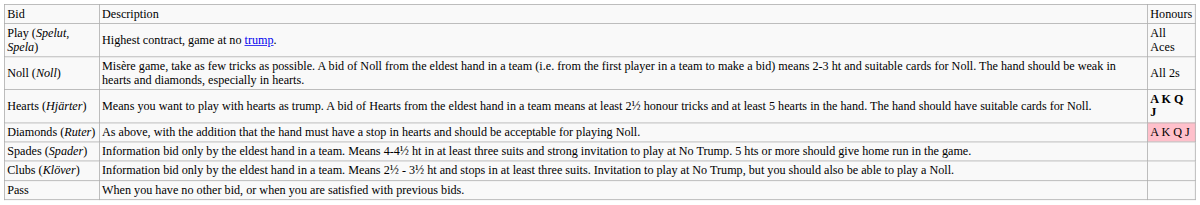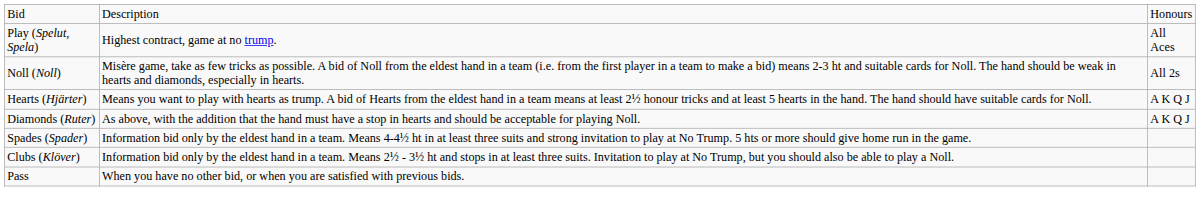 <table class="wikitable">
 <tr ---->
 <td>Bid</td>
 <td>Description</td>
 <td>Honours</td>
 </tr>
 <tr ---->
 <td>Play (<em>Spelut, Spela</em>)</td>
 <td>Highest contract, game at no <a href='#'>trump</a>.</td>
 <td>All Aces</td>
 </tr>
 <tr ---->
 <td>Noll (<em>Noll</em>)</td>
 <td>Misère game, take as few tricks as possible. A bid of Noll from the eldest hand in a team (i.e. from the first player in a team to make a bid) means 2-3 ht and suitable cards for Noll. The hand should be weak in hearts and diamonds, especially in hearts.</td>
 <td>All 2s</td>
 </tr>
 <tr ---->
 <td>Hearts (<em>Hjärter</em>)</td>
 <td>Means you want to play with hearts as trump. A bid of Hearts from the eldest hand in a team means at least 2½ honour tricks and at least 5 hearts in the hand. The hand should have suitable cards for Noll.</td>
-<td><strong>A K Q J</strong></td>
+<td>A K Q J</td>
 </tr>
 <tr ---->
 <td>Diamonds (<em>Ruter</em>)</td>
 <td>As above, with the addition that the hand must have a stop in hearts and should be acceptable for playing Noll.</td>
-<td style="background: pink;">A K Q J</td>
+<td>A K Q J</td>
 </tr>
 <tr ---->
 <td>Spades (<em>Spader</em>)</td>
 <td>Information bid only by the eldest hand in a team. Means 4-4½ ht in at least three suits and strong invitation to play at No Trump. 5 hts or more should give home run in the game.</td>
 <td></td>
 </tr>
 <tr ---->
 <td>Clubs (<em>Klöver</em>)</td>
 <td>Information bid only by the eldest hand in a team. Means 2½ - 3½ ht and stops in at least three suits. Invitation to play at No Trump, but you should also be able to play a Noll.</td>
 <td></td>
 </tr>
 <tr ---->
 <td>Pass</td>
 <td>When you have no other bid, or when you are satisfied with previous bids.</td>
 </tr>
 </table>
